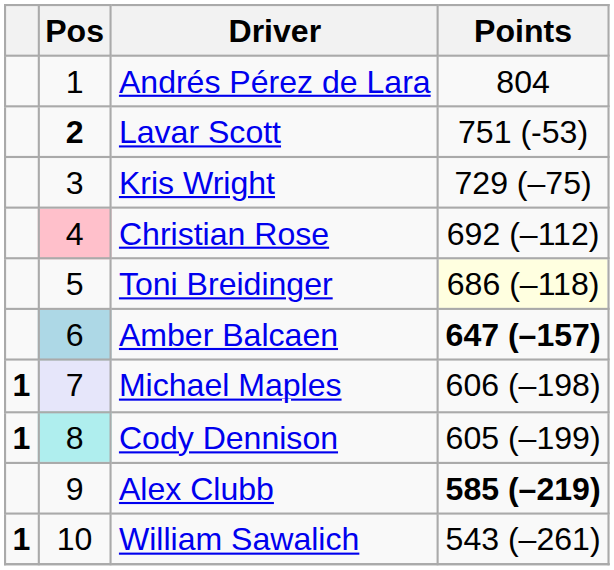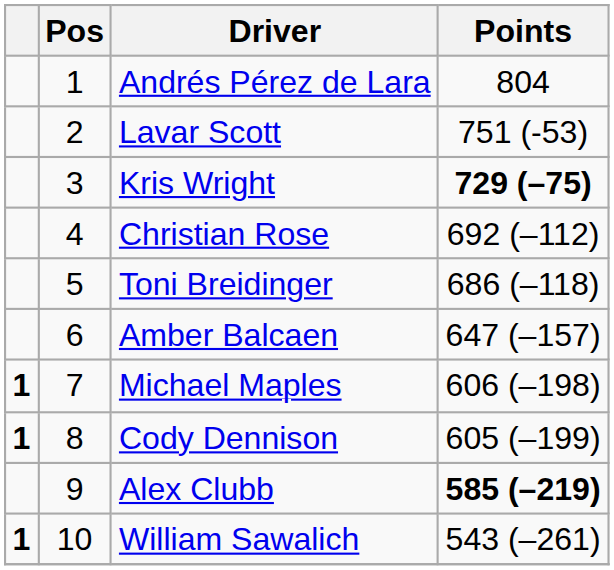 <table class="wikitable" style="font-size: 95%;">
 <tr>
 <th></th>
 <th>Pos</th>
 <th>Driver</th>
 <th>Points</th>
 </tr>
 <tr>
 <td align="left"></td>
 <td style="text-align:center;">1</td>
 <td><a href='#'>Andrés Pérez de Lara</a></td>
 <td style="text-align:center;">804</td>
 </tr>
 <tr>
 <td align="left"></td>
-<td style="text-align:center;"><strong>2</strong></td>
+<td style="text-align:center;">2</td>
 <td><a href='#'>Lavar Scott</a></td>
 <td style="text-align:center;">751 (-53)</td>
 </tr>
 <tr>
 <td align="left"></td>
 <td style="text-align:center;">3</td>
 <td><a href='#'>Kris Wright</a></td>
-<td style="text-align:center;">729 (–75)</td>
+<td style="text-align:center;"><strong>729 (–75)</strong></td>
 </tr>
 <tr>
 <td align="left"></td>
-<td style="background: pink; text-align:center;">4</td>
+<td style="text-align:center;">4</td>
 <td><a href='#'>Christian Rose</a></td>
 <td style="text-align:center;">692 (–112)</td>
 </tr>
 <tr>
 <td align="left"></td>
 <td style="text-align:center;">5</td>
 <td><a href='#'>Toni Breidinger</a></td>
-<td style="background: lightyellow; text-align:center;">686 (–118)</td>
+<td style="text-align:center;">686 (–118)</td>
 </tr>
 <tr>
 <td align="left"></td>
-<td style="background: lightblue; text-align:center;">6</td>
+<td style="text-align:center;">6</td>
 <td><a href='#'>Amber Balcaen</a></td>
-<td style="text-align:center;"><strong>647 (–157)</strong></td>
+<td style="text-align:center;">647 (–157)</td>
 </tr>
 <tr>
 <td align="left"> <strong>1</strong></td>
-<td style="background: lavender; text-align:center;">7</td>
+<td style="text-align:center;">7</td>
 <td><a href='#'>Michael Maples</a></td>
 <td style="text-align:center;">606 (–198)</td>
 </tr>
 <tr>
 <td align="left"> <strong>1</strong></td>
-<td style="background: paleturquoise; text-align:center;">8</td>
+<td style="text-align:center;">8</td>
 <td><a href='#'>Cody Dennison</a></td>
 <td style="text-align:center;">605 (–199)</td>
 </tr>
 <tr>
 <td align="left"></td>
 <td style="text-align:center;">9</td>
 <td><a href='#'>Alex Clubb</a></td>
 <td style="text-align:center;"><strong>585 (–219)</strong></td>
 </tr>
 <tr>
 <td align="left"> <strong>1</strong></td>
 <td style="text-align:center;">10</td>
 <td><a href='#'>William Sawalich</a></td>
 <td style="text-align:center;">543 (–261)</td>
 </tr>
 <tr class="sortbottom">
 </tr>
 </table>
